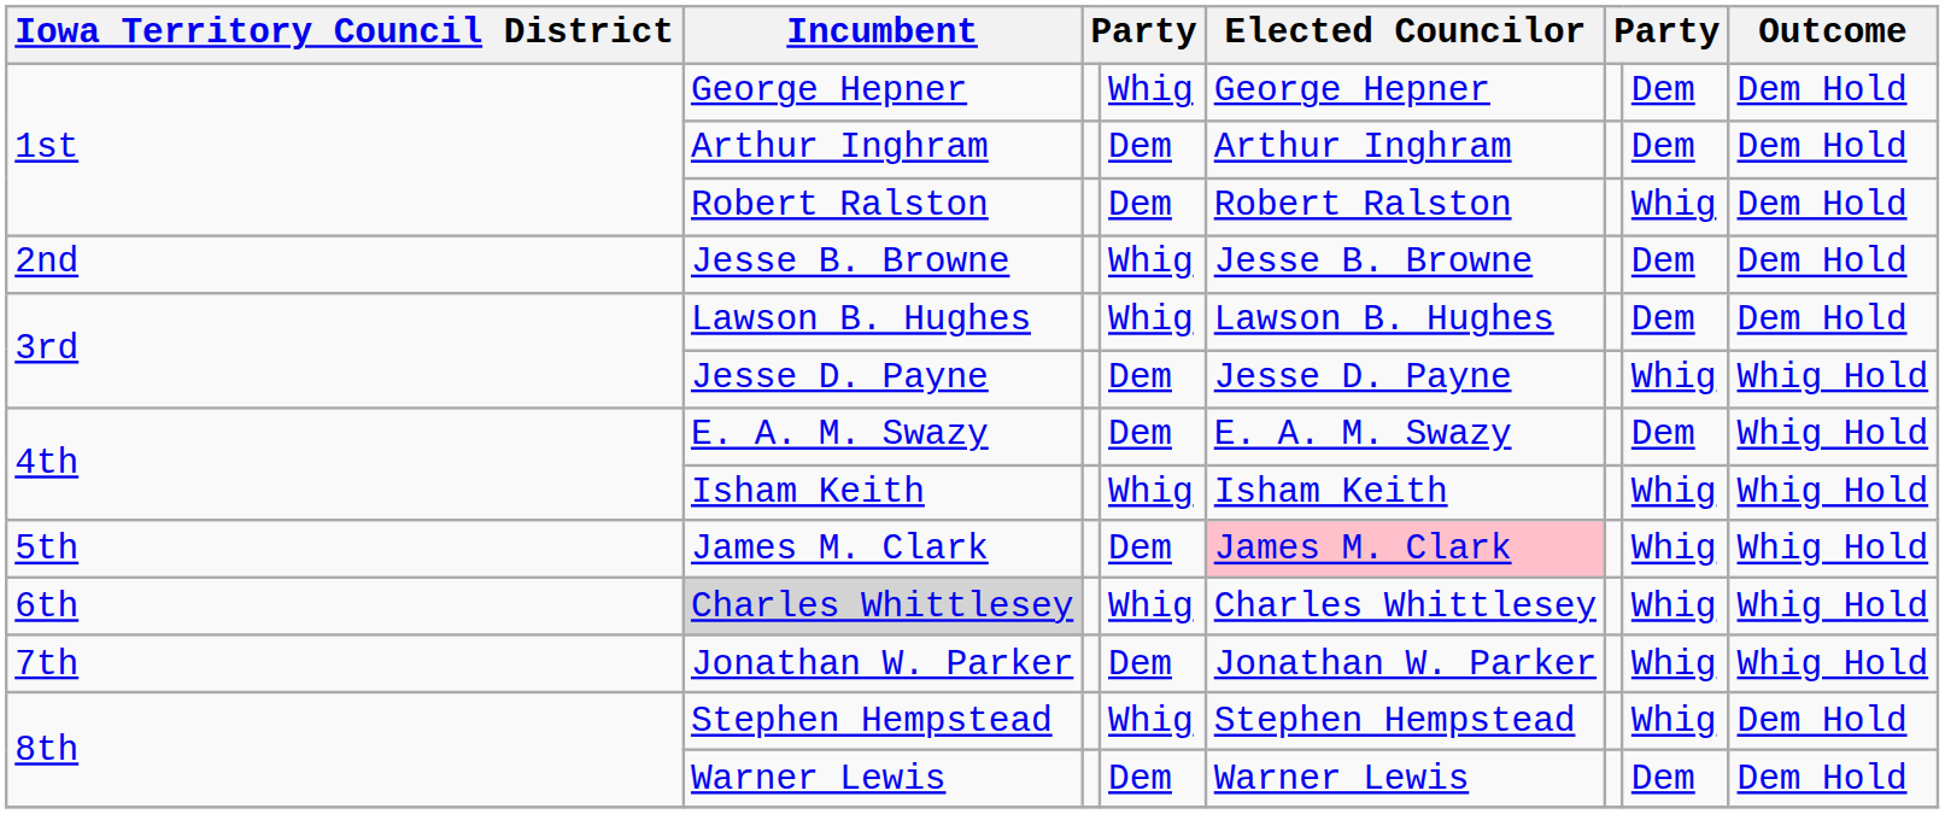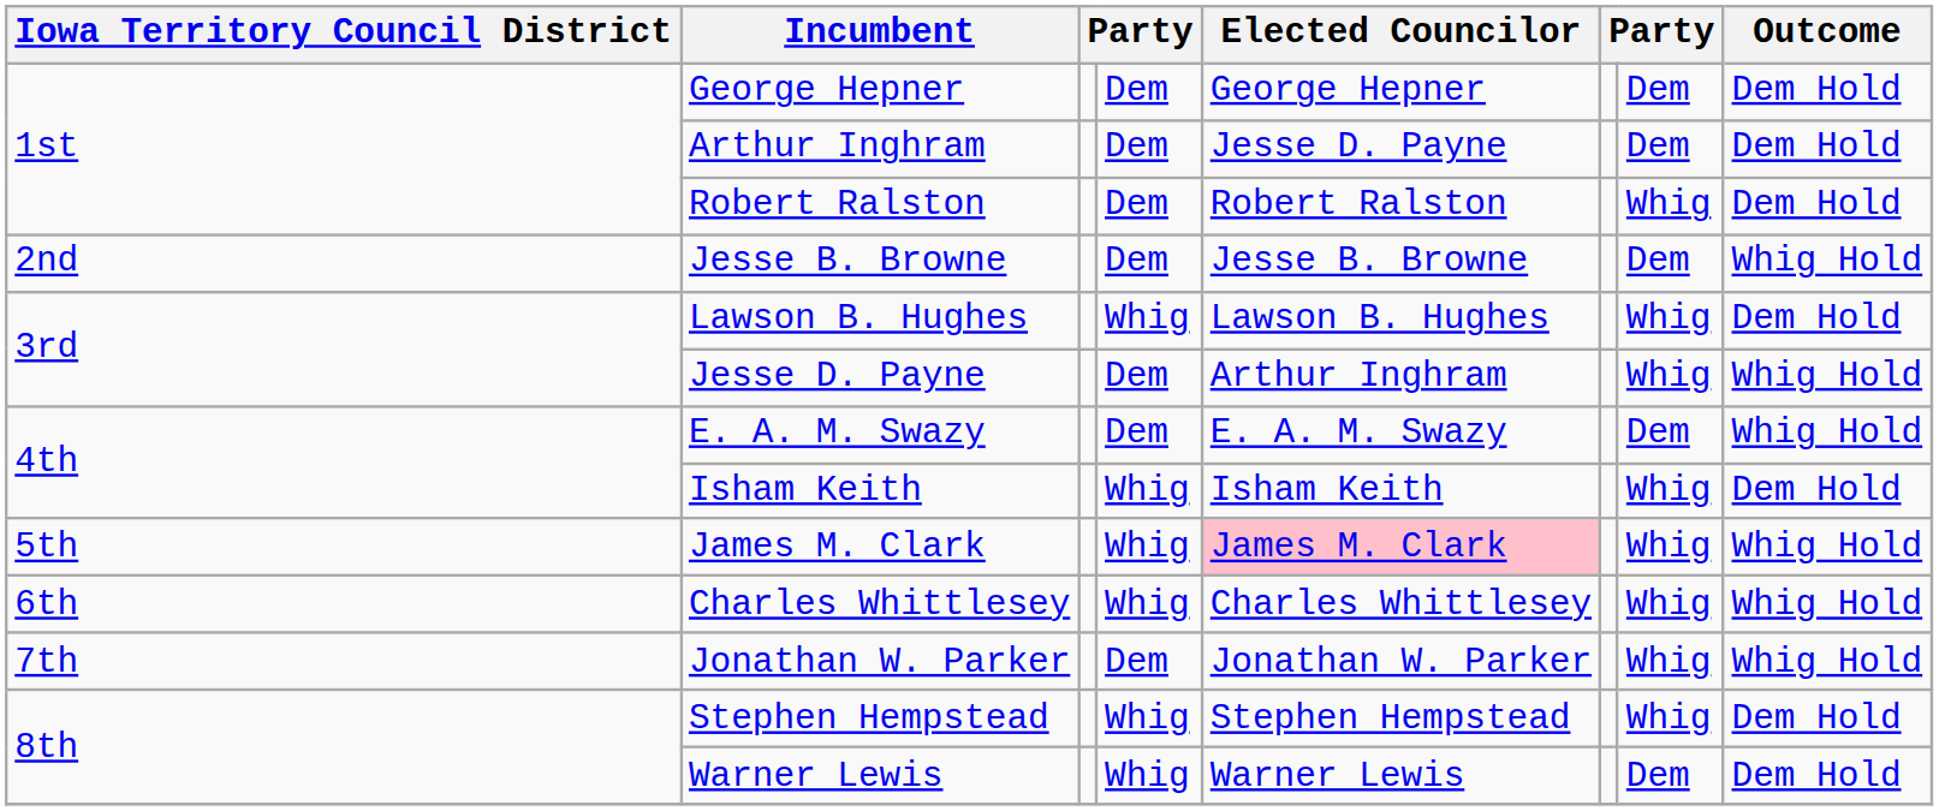 <table class="sortable wikitable" style="font-size:95%;line-height:14px;">
 <tr>
 <th class="sortable"><a href='#'>Iowa Territory Council</a> District</th>
 <th class="sortable"><a href='#'>Incumbent</a></th>
 <th colspan="2">Party</th>
 <th class="sortable">Elected Councilor</th>
 <th colspan="2">Party</th>
 <th class="sortable">Outcome</th>
 </tr>
 <tr>
 <td rowspan="3"><a href='#'>1st</a></td>
 <td><a href='#'>George Hepner</a></td>
 <td style="background:"></td>
-<td><a href='#'>Whig</a></td>
+<td><a href='#'>Dem</a></td>
 <td><a href='#'>George Hepner</a></td>
 <td style="background:"></td>
 <td><a href='#'>Dem</a></td>
 <td><a href='#'>Dem Hold</a></td>
 </tr>
 <tr>
 <td><a href='#'>Arthur Inghram</a></td>
 <td style="background:"></td>
 <td><a href='#'>Dem</a></td>
-<td><a href='#'>Arthur Inghram</a></td>
+<td><a href='#'>Jesse D. Payne</a></td>
 <td style="background:"></td>
 <td><a href='#'>Dem</a></td>
 <td><a href='#'>Dem Hold</a></td>
 </tr>
 <tr>
 <td><a href='#'>Robert Ralston</a></td>
 <td style="background:"></td>
 <td><a href='#'>Dem</a></td>
 <td><a href='#'>Robert Ralston</a></td>
 <td style="background:"></td>
 <td><a href='#'>Whig</a></td>
 <td><a href='#'>Dem Hold</a></td>
 </tr>
 <tr>
 <td><a href='#'>2nd</a></td>
 <td><a href='#'>Jesse B. Browne</a></td>
 <td style="background:"></td>
-<td><a href='#'>Whig</a></td>
+<td><a href='#'>Dem</a></td>
 <td><a href='#'>Jesse B. Browne</a></td>
 <td style="background:"></td>
 <td><a href='#'>Dem</a></td>
-<td><a href='#'>Dem Hold</a></td>
+<td><a href='#'>Whig Hold</a></td>
 </tr>
 <tr>
 <td rowspan="2"><a href='#'>3rd</a></td>
 <td><a href='#'>Lawson B. Hughes</a></td>
 <td style="background:"></td>
 <td><a href='#'>Whig</a></td>
 <td><a href='#'>Lawson B. Hughes</a></td>
 <td style="background:"></td>
-<td><a href='#'>Dem</a></td>
+<td><a href='#'>Whig</a></td>
 <td><a href='#'>Dem Hold</a></td>
 </tr>
 <tr>
 <td><a href='#'>Jesse D. Payne</a></td>
 <td style="background:"></td>
 <td><a href='#'>Dem</a></td>
-<td><a href='#'>Jesse D. Payne</a></td>
+<td><a href='#'>Arthur Inghram</a></td>
 <td style="background:"></td>
 <td><a href='#'>Whig</a></td>
 <td><a href='#'>Whig Hold</a></td>
 </tr>
 <tr>
 <td rowspan="2"><a href='#'>4th</a></td>
 <td><a href='#'>E. A. M. Swazy</a></td>
 <td style="background:"></td>
 <td><a href='#'>Dem</a></td>
 <td><a href='#'>E. A. M. Swazy</a></td>
 <td style="background:"></td>
 <td><a href='#'>Dem</a></td>
 <td><a href='#'>Whig Hold</a></td>
 </tr>
 <tr>
 <td><a href='#'>Isham Keith</a></td>
 <td style="background:"></td>
 <td><a href='#'>Whig</a></td>
 <td><a href='#'>Isham Keith</a></td>
 <td style="background:"></td>
 <td><a href='#'>Whig</a></td>
-<td><a href='#'>Whig Hold</a></td>
+<td><a href='#'>Dem Hold</a></td>
 </tr>
 <tr>
 <td><a href='#'>5th</a></td>
 <td><a href='#'>James M. Clark</a></td>
 <td style="background:"></td>
-<td><a href='#'>Dem</a></td>
+<td><a href='#'>Whig</a></td>
 <td style="background: pink;"><a href='#'>James M. Clark</a></td>
 <td style="background:"></td>
 <td><a href='#'>Whig</a></td>
 <td><a href='#'>Whig Hold</a></td>
 </tr>
 <tr>
 <td><a href='#'>6th</a></td>
-<td style="background: lightgrey;"><a href='#'>Charles Whittlesey</a></td>
+<td><a href='#'>Charles Whittlesey</a></td>
 <td style="background:"></td>
 <td><a href='#'>Whig</a></td>
 <td><a href='#'>Charles Whittlesey</a></td>
 <td style="background:"></td>
 <td><a href='#'>Whig</a></td>
 <td><a href='#'>Whig Hold</a></td>
 </tr>
 <tr>
 <td><a href='#'>7th</a></td>
 <td><a href='#'>Jonathan W. Parker</a></td>
 <td style="background:"></td>
 <td><a href='#'>Dem</a></td>
 <td><a href='#'>Jonathan W. Parker</a></td>
 <td style="background:"></td>
 <td><a href='#'>Whig</a></td>
 <td><a href='#'>Whig Hold</a></td>
 </tr>
 <tr>
 <td rowspan="2"><a href='#'>8th</a></td>
 <td><a href='#'>Stephen Hempstead</a></td>
 <td style="background:"></td>
 <td><a href='#'>Whig</a></td>
 <td><a href='#'>Stephen Hempstead</a></td>
 <td style="background:"></td>
 <td><a href='#'>Whig</a></td>
 <td><a href='#'>Dem Hold</a></td>
 </tr>
 <tr>
 <td><a href='#'>Warner Lewis</a></td>
 <td style="background:"></td>
-<td><a href='#'>Dem</a></td>
+<td><a href='#'>Whig</a></td>
 <td><a href='#'>Warner Lewis</a></td>
 <td style="background:"></td>
 <td><a href='#'>Dem</a></td>
 <td><a href='#'>Dem Hold</a></td>
 </tr>
 <tr>
 </tr>
 </table>
